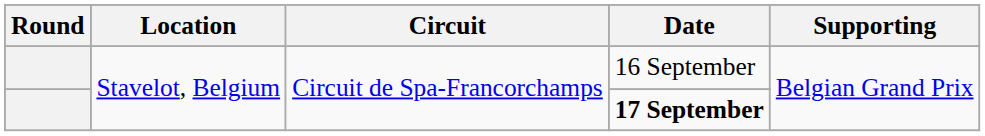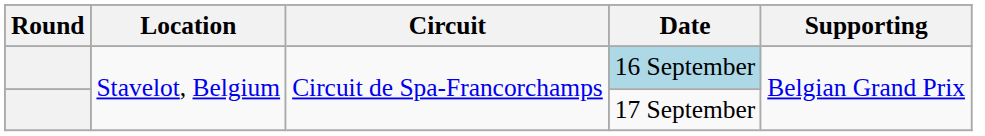 <table class="wikitable" style="font-size: 85%;">
 <tr>
 <th>Round</th>
 <th>Location</th>
 <th>Circuit</th>
 <th>Date</th>
 <th>Supporting</th>
 </tr>
 <tr>
 <th></th>
 <td rowspan=2> <a href='#'>Stavelot</a>, <a href='#'>Belgium</a></td>
 <td rowspan=2><a href='#'>Circuit de Spa-Francorchamps</a></td>
-<td>16 September</td>
+<td style="background: lightblue;">16 September</td>
 <td rowspan=2><a href='#'>Belgian Grand Prix</a></td>
 </tr>
 <tr>
 <th></th>
-<td><strong>17 September</strong></td>
+<td>17 September</td>
 </tr>
 </table>
